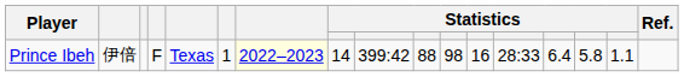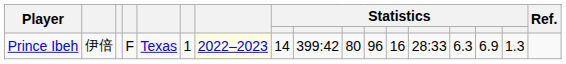 <table class="wikitable sortable" style="font-size:95%; text-align:right;">
 <tr>
 <th rowspan="2">Player</th>
 <th rowspan="2"></th>
 <th rowspan="2"></th>
 <th rowspan="2"></th>
 <th rowspan="2"></th>
 <th rowspan="2"></th>
 <th rowspan="2"></th>
 <th colspan="9">Statistics</th>
 <th rowspan="2">Ref.</th>
 </tr>
 <tr>
 <th></th>
 <th></th>
 <th></th>
 <th></th>
 <th></th>
 <th></th>
 <th></th>
 <th></th>
 <th></th>
 </tr>
 <tr>
 <td align="left"><a href='#'>Prince Ibeh</a></td>
 <td align="left">伊倍</td>
 <td align="center"></td>
 <td align="center">F</td>
 <td align="left"><a href='#'>Texas</a></td>
 <td align="center">1</td>
 <td align="center" style="background: lightyellow;"><a href='#'>2022–2023</a></td>
 <td>14</td>
 <td>399:42</td>
-<td>88</td>
-<td>98</td>
+<td>80</td>
+<td>96</td>
 <td>16</td>
 <td>28:33</td>
-<td>6.4</td>
-<td>5.8</td>
-<td>1.1</td>
+<td>6.3</td>
+<td>6.9</td>
+<td>1.3</td>
 <td align="center"></td>
 </tr>
 </table>
